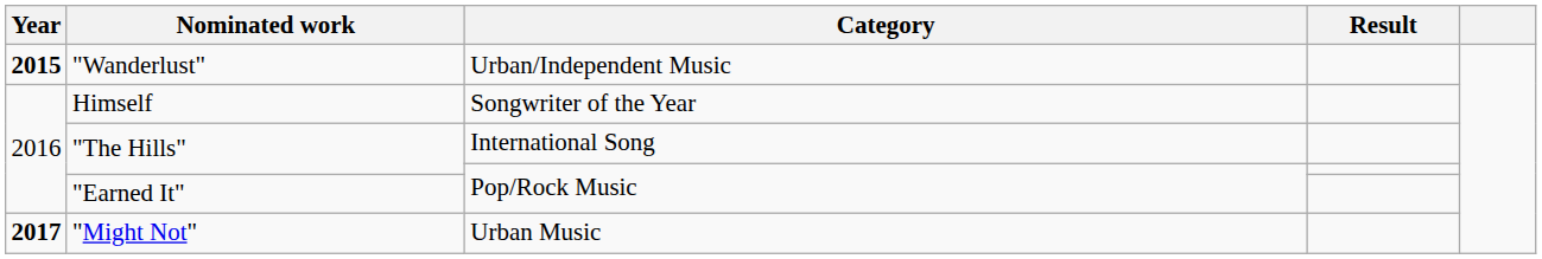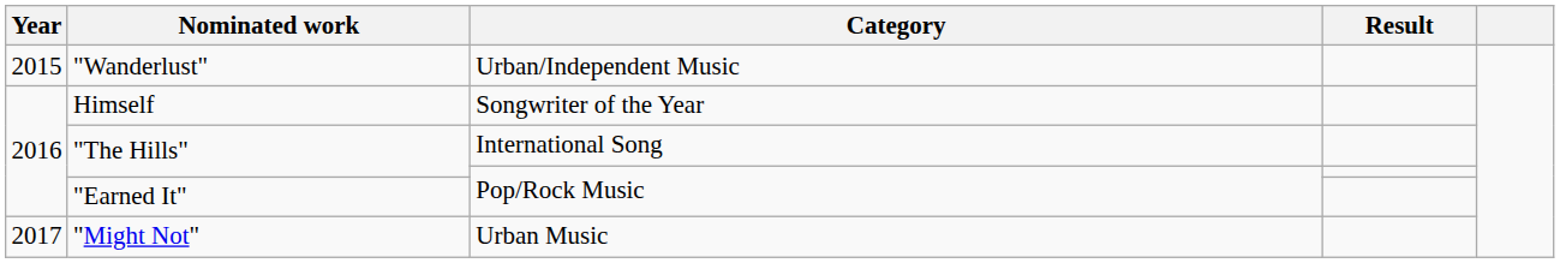 <table class=wikitable>
 <tr>
 <th width=4%>Year</th>
 <th width=26%>Nominated work</th>
 <th width=55%>Category</th>
 <th width=10%>Result</th>
 <th width=5%></th>
 </tr>
 <tr>
-<td><strong>2015</strong></td>
+<td>2015</td>
 <td>"Wanderlust"</td>
 <td>Urban/Independent Music</td>
 <td></td>
 <td rowspan=6></td>
 </tr>
 <tr>
 <td rowspan=4>2016</td>
 <td>Himself</td>
 <td>Songwriter of the Year</td>
 <td></td>
 </tr>
 <tr>
 <td rowspan=2>"The Hills"</td>
 <td>International Song</td>
 <td></td>
 </tr>
 <tr>
 <td rowspan=2>Pop/Rock Music</td>
 <td></td>
 </tr>
 <tr>
 <td>"Earned It"</td>
 <td></td>
 </tr>
 <tr>
-<td><strong>2017</strong></td>
+<td>2017</td>
 <td>"<a href='#'>Might Not</a>"</td>
 <td>Urban Music</td>
 <td></td>
 </tr>
 </table>
